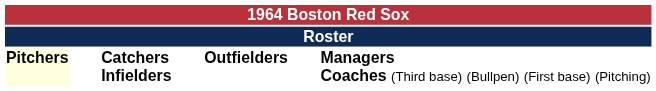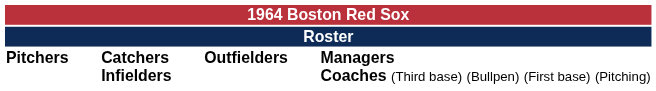 <table class="toccolours" style="text-align: left;">
 <tr>
 <th colspan="10" style="background:#ba313c; color:white; text-align:center;">1964 Boston Red Sox</th>
 </tr>
 <tr>
 <td colspan="10" style="background:#0d2b56; color:white; text-align:center;"><strong>Roster</strong></td>
 </tr>
 <tr>
-<td valign="top" style="background: lightyellow;"><strong>Pitchers</strong><br>            </td>
+<td valign="top"><strong>Pitchers</strong><br>            </td>
 <td style="width:25px;"></td>
 <td valign="top"><strong>Catchers</strong><br>   <strong>Infielders</strong>        </td>
 <td style="width:25px;"></td>
 <td valign="top"><strong>Outfielders</strong><br>       </td>
 <td style="width:25px;"></td>
 <td valign="top"><strong>Managers</strong><br>  <strong>Coaches</strong>  <small>(Third base)</small>  <small>(Bullpen)</small>  <small>(First base)</small>  <small>(Pitching)</small></td>
 </tr>
 </table>
